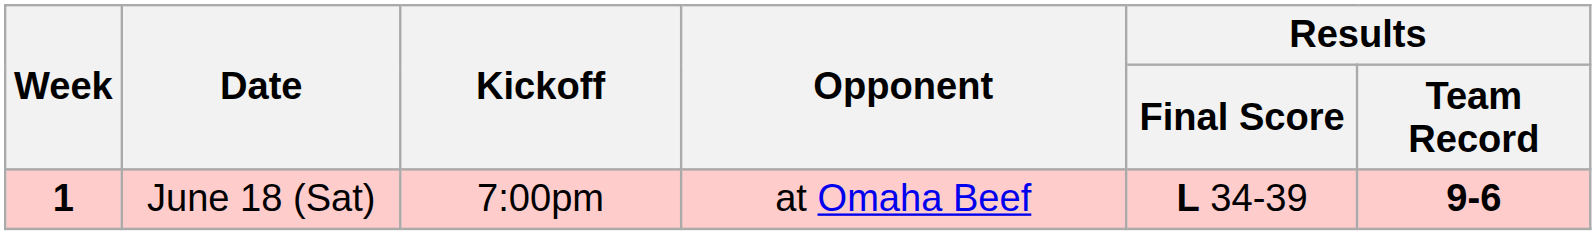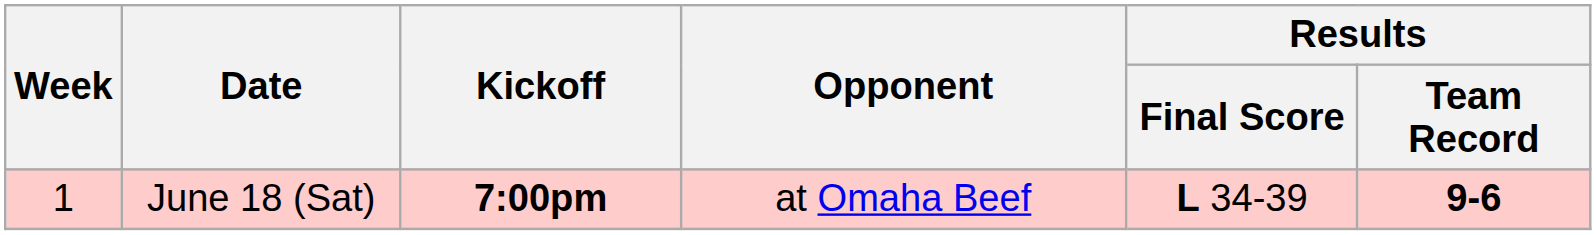 <table class="wikitable">
 <tr>
 <th rowspan="2" width="40">Week</th>
 <th rowspan="2" width="110">Date</th>
 <th rowspan="2" width="110">Kickoff</th>
 <th rowspan="2" width="180">Opponent</th>
 <th colspan="2" width="180">Results</th>
 </tr>
 <tr>
 <th width="90">Final Score</th>
 <th width="90">Team Record</th>
 </tr>
 <tr align="center" bgcolor="#FFCCCC">
-<td align="center"><strong>1</strong></td>
+<td align="center">1</td>
 <td align="center">June 18 (Sat)</td>
-<td align="center">7:00pm</td>
+<td align="center"><strong>7:00pm</strong></td>
 <td align="center">at <a href='#'>Omaha Beef</a></td>
 <td align="center"><strong>L</strong> 34-39</td>
 <td align="center"><strong>9-6</strong></td>
 </tr>
 </table>
